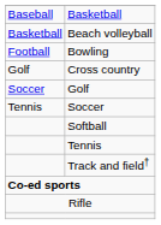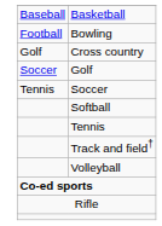 <table class="wikitable" style="float:right; clear:right; margin:0 0 1em 1em;">
 <tr>
 </tr>
 <tr>
 <td><a href='#'>Baseball</a></td>
 <td><a href='#'>Basketball</a></td>
-</tr>
-<tr>
-<td><a href='#'>Basketball</a></td>
-<td>Beach volleyball</td>
 </tr>
 <tr>
 <td><a href='#'>Football</a></td>
 <td>Bowling</td>
 </tr>
 <tr>
 <td>Golf</td>
 <td>Cross country</td>
 </tr>
 <tr>
 <td><a href='#'>Soccer</a></td>
 <td>Golf</td>
 </tr>
 <tr>
 <td>Tennis</td>
 <td>Soccer</td>
 </tr>
 <tr>
 <td></td>
 <td>Softball</td>
 </tr>
 <tr>
 <td></td>
 <td>Tennis</td>
 </tr>
 <tr>
 <td></td>
 <td>Track and field<sup>†</sup></td>
 </tr>
 <tr>
+<td></td>
+<td>Volleyball</td>
+</tr>
+<tr>
 <td colspan="2"><strong>Co-ed sports</strong></td>
 </tr>
 <tr style="text-align:center">
 <td colspan="2">Rifle</td>
 </tr>
 <tr>
 <td colspan="2"></td>
 </tr>
 </table>
